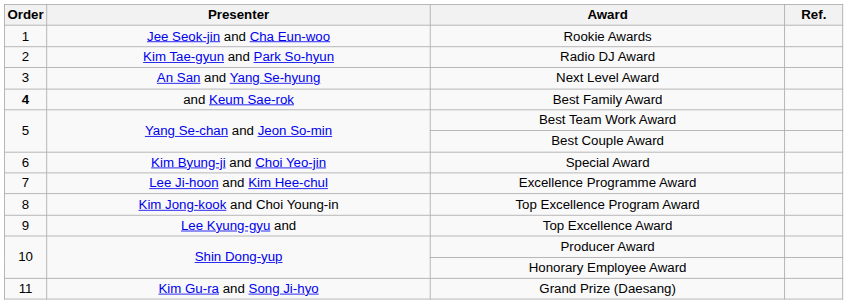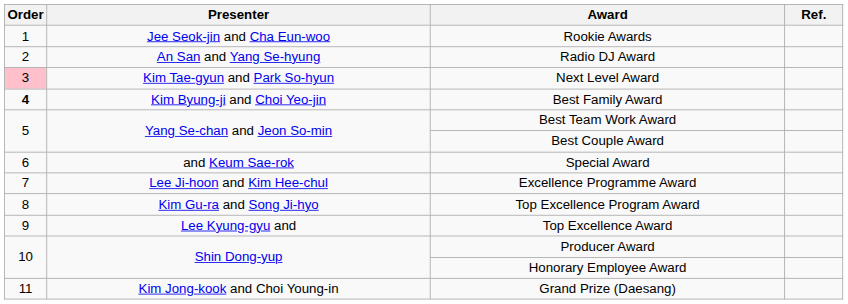 <table class="wikitable" style="text-align:center; width:80%;">
 <tr>
 <th scope="col" width="5%">Order</th>
 <th scope="col">Presenter</th>
 <th scope="col">Award</th>
 <th>Ref.</th>
 </tr>
 <tr>
 <td scope="col">1</td>
 <td><a href='#'>Jee Seok-jin</a> and <a href='#'>Cha Eun-woo</a></td>
 <td>Rookie Awards</td>
 <td></td>
 </tr>
 <tr>
 <td>2</td>
-<td><a href='#'>Kim Tae-gyun</a> and <a href='#'>Park So-hyun</a></td>
+<td><a href='#'>An San</a> and <a href='#'>Yang Se-hyung</a></td>
 <td>Radio DJ Award</td>
 <td></td>
 </tr>
 <tr>
-<td>3</td>
-<td><a href='#'>An San</a> and <a href='#'>Yang Se-hyung</a></td>
+<td style="background: pink;">3</td>
+<td><a href='#'>Kim Tae-gyun</a> and <a href='#'>Park So-hyun</a></td>
 <td>Next Level Award</td>
 <td></td>
 </tr>
 <tr>
 <td><strong>4</strong></td>
-<td> and <a href='#'>Keum Sae-rok</a></td>
+<td><a href='#'>Kim Byung-ji</a> and <a href='#'>Choi Yeo-jin</a></td>
 <td>Best Family Award</td>
 <td></td>
 </tr>
 <tr>
 <td rowspan=2>5</td>
 <td rowspan=2><a href='#'>Yang Se-chan</a> and <a href='#'>Jeon So-min</a></td>
 <td>Best Team Work Award</td>
 <td></td>
 </tr>
 <tr>
 <td>Best Couple Award</td>
 <td></td>
 </tr>
 <tr>
 <td>6</td>
-<td><a href='#'>Kim Byung-ji</a> and <a href='#'>Choi Yeo-jin</a></td>
+<td> and <a href='#'>Keum Sae-rok</a></td>
 <td>Special Award</td>
 <td></td>
 </tr>
 <tr>
 <td>7</td>
 <td><a href='#'>Lee Ji-hoon</a> and <a href='#'>Kim Hee-chul</a></td>
 <td>Excellence Programme Award</td>
 <td></td>
 </tr>
 <tr>
 <td>8</td>
-<td><a href='#'>Kim Jong-kook</a> and Choi Young-in</td>
+<td><a href='#'>Kim Gu-ra</a> and <a href='#'>Song Ji-hyo</a></td>
 <td>Top Excellence Program Award</td>
 <td></td>
 </tr>
 <tr>
 <td>9</td>
 <td><a href='#'>Lee Kyung-gyu</a> and </td>
 <td>Top Excellence Award</td>
 <td></td>
 </tr>
 <tr>
 <td rowspan="2">10</td>
 <td rowspan="2"><a href='#'>Shin Dong-yup</a></td>
 <td>Producer Award</td>
 <td></td>
 </tr>
 <tr>
 <td>Honorary Employee Award</td>
 <td></td>
 </tr>
 <tr>
 <td>11</td>
-<td><a href='#'>Kim Gu-ra</a> and <a href='#'>Song Ji-hyo</a></td>
+<td><a href='#'>Kim Jong-kook</a> and Choi Young-in</td>
 <td>Grand Prize (Daesang)</td>
 <td></td>
 </tr>
 </table>
